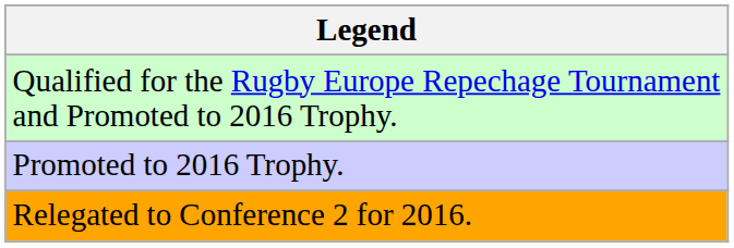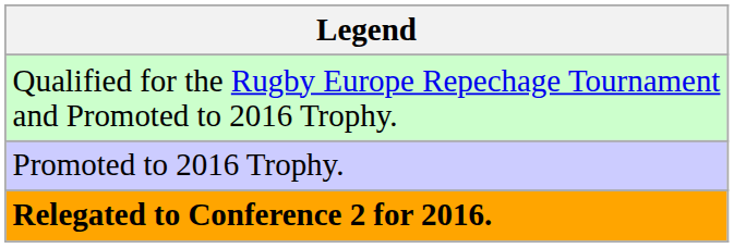 <table class="wikitable">
 <tr>
 <th>Legend</th>
 </tr>
 <tr bgcolor=ccffcc>
 <td>Qualified for the <a href='#'>Rugby Europe Repechage Tournament</a><br>and Promoted to 2016 Trophy.</td>
 </tr>
 <tr bgcolor=ccccff>
 <td>Promoted to 2016 Trophy.</td>
 </tr>
 <tr bgcolor=FFA500>
-<td>Relegated to Conference 2 for 2016.</td>
+<td><strong>Relegated to Conference 2 for 2016.</strong></td>
 </tr>
 </table>
